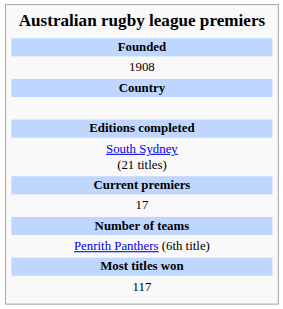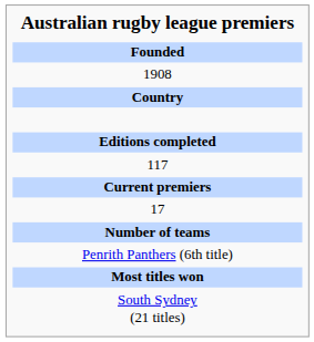 <table class="infobox football" style="width: 16em; text-align: center;">
 <tr>
 <th style="font-size: 16px;">Australian rugby league premiers</th>
 </tr>
 <tr>
 <td style="font-size: 22px;"></td>
 </tr>
 <tr>
 <td style="font-size: 12px; background: #BFD7FF;"><strong>Founded</strong></td>
 </tr>
 <tr>
 <td style="font-size: 12px;">1908</td>
 </tr>
 <tr>
 <td style="font-size: 12px; background: #BFD7FF;"><strong>Country</strong></td>
 </tr>
 <tr>
 <td style="font-size: 12px;"><br></td>
 </tr>
 <tr>
 <td style="font-size: 12px; background: #BFD7FF;"><strong>Editions completed</strong></td>
 </tr>
 <tr>
-<td style="font-size: 12px;"> <a href='#'>South Sydney</a><br>(21 titles)</td>
+<td style="font-size: 12px;">117</td>
 </tr>
 <tr>
 <td style="font-size: 12px; background: #BFD7FF;"><strong>Current premiers</strong></td>
 </tr>
 <tr>
 <td style="font-size: 12px;">17</td>
 </tr>
 <tr>
 <td style="font-size: 12px; background: #BFD7FF;"><strong>Number of teams</strong></td>
 </tr>
 <tr>
 <td style="font-size: 12px;"> <a href='#'>Penrith Panthers</a> (6th title)</td>
 </tr>
 <tr>
 <td style="font-size: 12px; background: #BFD7FF;"><strong>Most titles won</strong></td>
 </tr>
 <tr>
-<td style="font-size: 12px;">117</td>
+<td style="font-size: 12px;"> <a href='#'>South Sydney</a><br>(21 titles)</td>
 </tr>
 <tr>
 </tr>
 </table>
